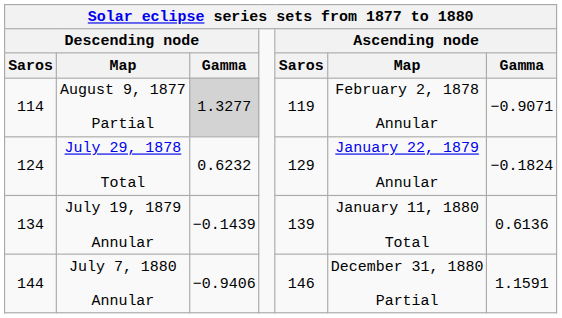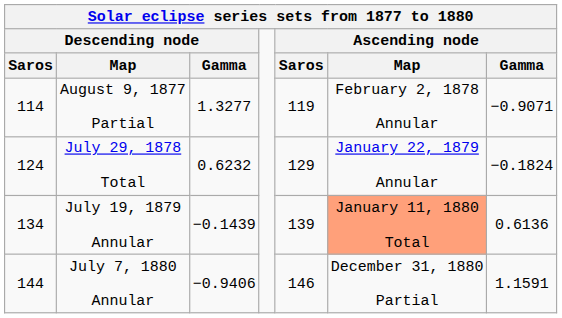 <table class="wikitable mw-collapsible mw-collapsed">
 <tr>
 <th class="nowrap" colspan="7"><a href='#'>Solar eclipse</a> series sets from 1877 to 1880</th>
 </tr>
 <tr>
 <th scope="col" colspan="3">Descending node</th>
 <td rowspan="6"> </td>
 <th scope="col" colspan="3">Ascending node</th>
 </tr>
 <tr style="text-align: center;">
 <th scope="col">Saros</th>
 <th scope="col">Map</th>
 <th scope="col">Gamma</th>
 <th scope="col">Saros</th>
 <th scope="col">Map</th>
 <th scope="col">Gamma</th>
 </tr>
 <tr style="text-align: center;">
 <td>114</td>
 <td>August 9, 1877<br><br>Partial</td>
-<td style="background: lightgrey;">1.3277</td>
+<td>1.3277</td>
 <td>119</td>
 <td>February 2, 1878<br><br>Annular</td>
 <td>−0.9071</td>
 </tr>
 <tr style="text-align: center;">
 <td>124</td>
 <td><a href='#'>July 29, 1878</a><br><br>Total</td>
 <td>0.6232</td>
 <td>129</td>
 <td><a href='#'>January 22, 1879</a><br><br>Annular</td>
 <td>−0.1824</td>
 </tr>
 <tr style="text-align: center;">
 <td>134</td>
 <td>July 19, 1879<br><br>Annular</td>
 <td>−0.1439</td>
 <td>139</td>
-<td>January 11, 1880<br><br>Total</td>
+<td style="background: lightsalmon;">January 11, 1880<br><br>Total</td>
 <td>0.6136</td>
 </tr>
 <tr style="text-align: center;">
 <td>144</td>
 <td>July 7, 1880<br><br>Annular</td>
 <td>−0.9406</td>
 <td>146</td>
 <td>December 31, 1880<br><br>Partial</td>
 <td>1.1591</td>
 </tr>
 </table>
